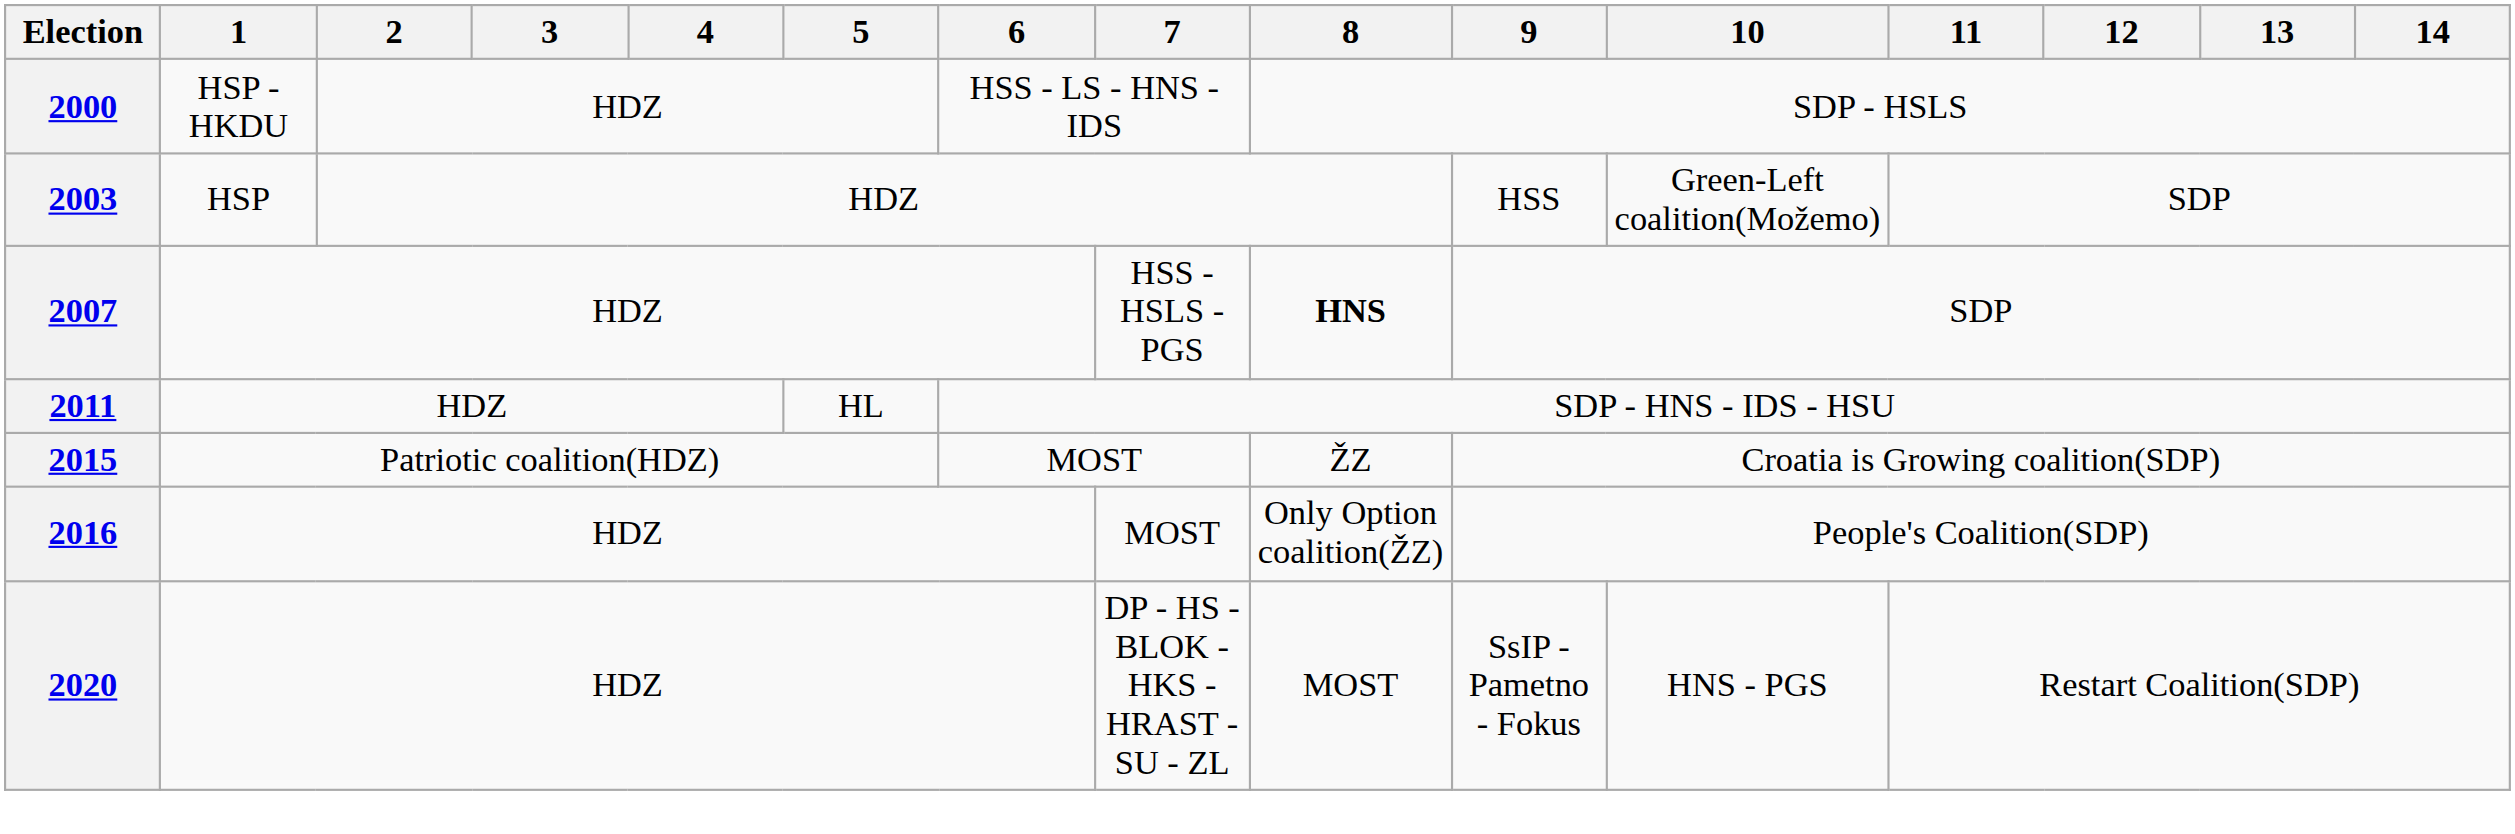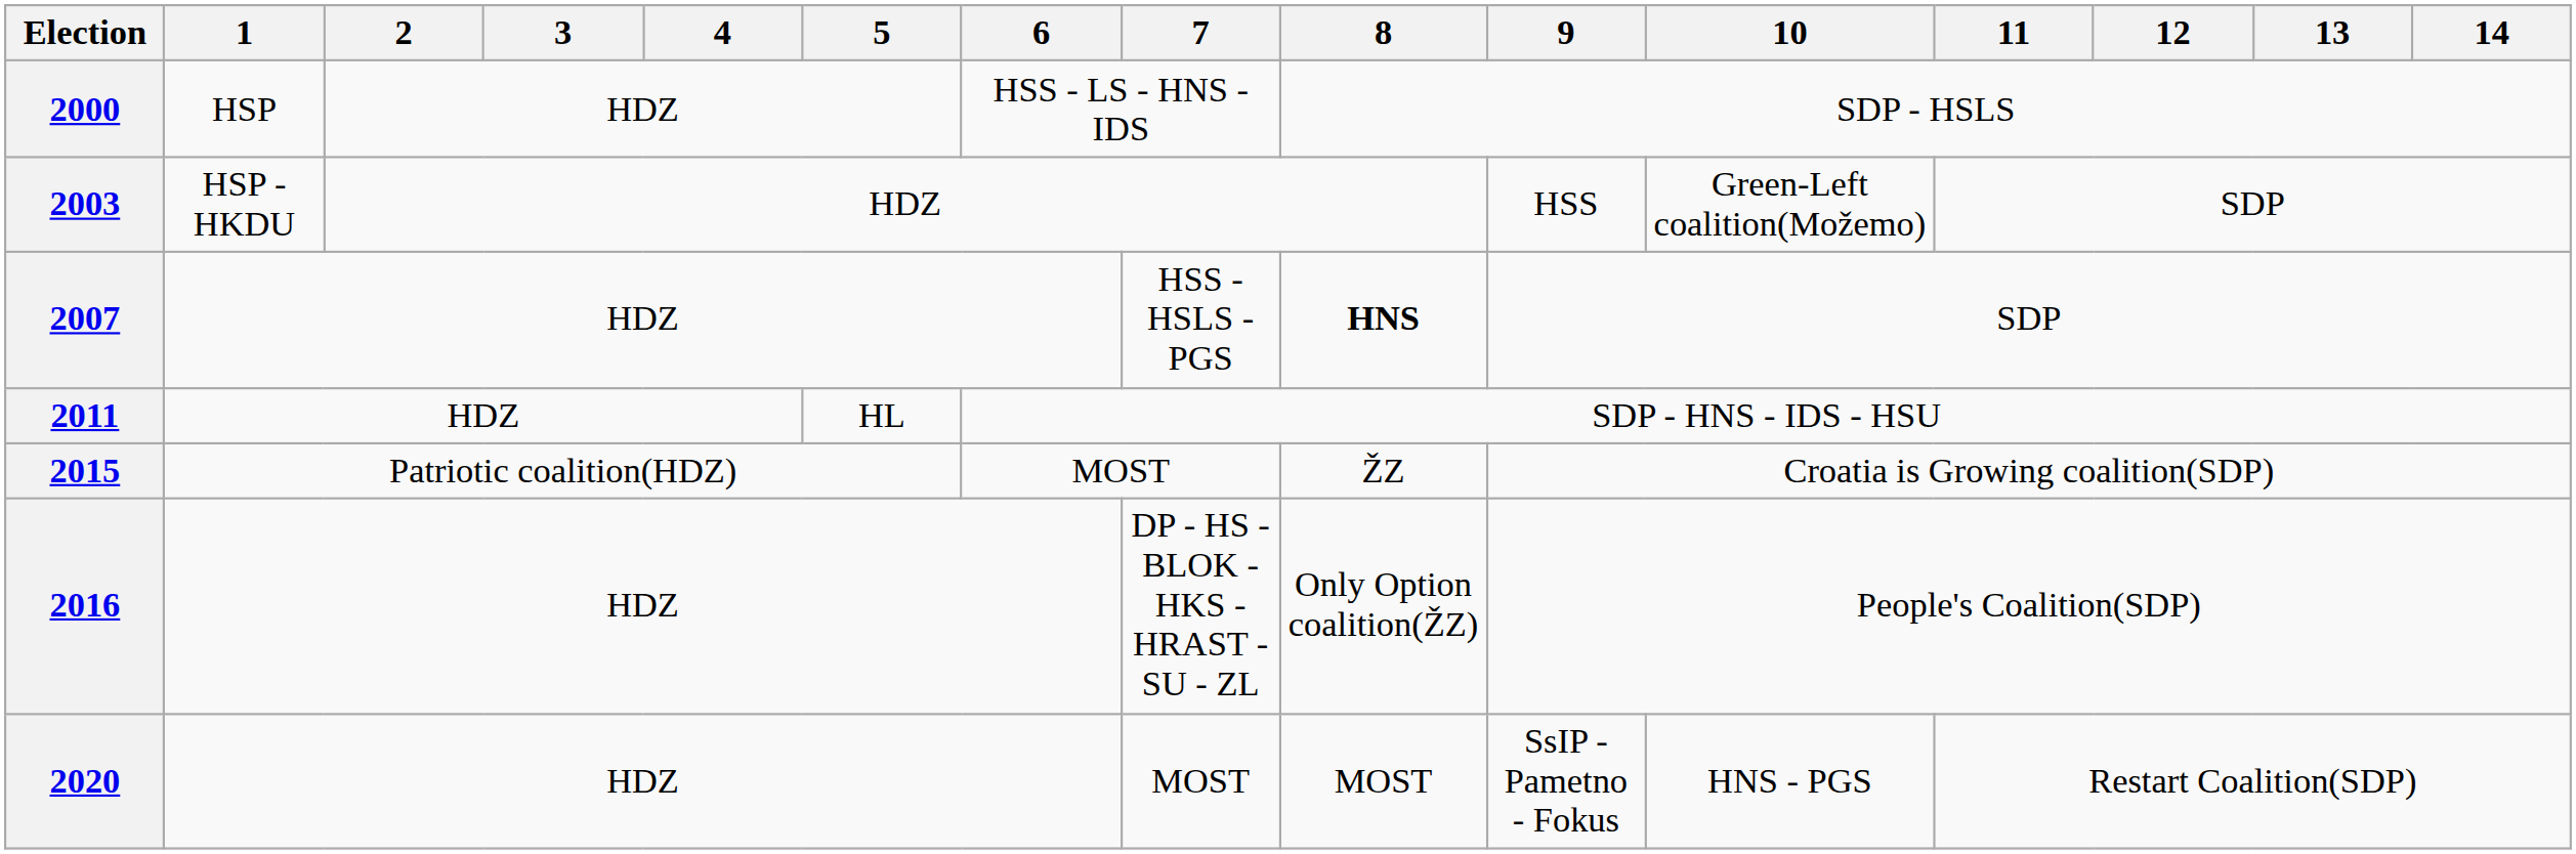 <table class=wikitable style="text-align: center;">
 <tr>
 <th style="width: 65px;">Election</th>
 <th style="width: 65px;">1</th>
 <th style="width: 65px;">2</th>
 <th style="width: 65px;">3</th>
 <th style="width: 65px;">4</th>
 <th style="width: 65px;">5</th>
 <th style="width: 65px;">6</th>
 <th style="width: 65px;">7</th>
 <th style="width: 65px;">8</th>
 <th style="width: 65px;">9</th>
 <th style="width: 65px;">10</th>
 <th style="width: 65px;">11</th>
 <th style="width: 65px;">12</th>
 <th style="width: 65px;">13</th>
 <th style="width: 65px;">14</th>
 </tr>
 <tr>
 <th><a href='#'>2000</a></th>
-<td style="background:">HSP - HKDU</td>
+<td style="background:">HSP</td>
 <td colspan=4 style="background:">HDZ</td>
 <td colspan=2 style="background:">HSS - LS - HNS - IDS</td>
 <td colspan=7 style="background:">SDP - HSLS</td>
 </tr>
 <tr>
 <th><a href='#'>2003</a></th>
-<td style="background:">HSP</td>
+<td style="background:">HSP - HKDU</td>
 <td colspan=7 style="background:">HDZ</td>
 <td style="background:">HSS</td>
 <td style="background:">Green-Left coalition(Možemo)</td>
 <td colspan=4 style="background:">SDP</td>
 </tr>
 <tr>
 <th><a href='#'>2007</a></th>
 <td colspan=6 style="background:">HDZ</td>
 <td style="background:">HSS - HSLS - PGS</td>
 <td style="background:"><strong>HNS</strong></td>
 <td colspan=6 style="background:">SDP</td>
 </tr>
 <tr>
 <th><a href='#'>2011</a></th>
 <td colspan=4 style="background:">HDZ</td>
 <td style="background:">HL</td>
 <td colspan=9 style="background:">SDP - HNS - IDS - HSU</td>
 </tr>
 <tr>
 <th><a href='#'>2015</a></th>
 <td colspan=5 style="background:">Patriotic coalition(HDZ)</td>
 <td colspan=2 style="background:">MOST</td>
 <td style="background:">ŽZ</td>
 <td colspan=6 style="background:">Croatia is Growing coalition(SDP)</td>
 </tr>
 <tr>
 <th><a href='#'>2016</a></th>
 <td colspan=6 style="background:">HDZ</td>
-<td style="background:">MOST</td>
+<td style="background:">DP - HS - BLOK - HKS - HRAST - SU - ZL</td>
 <td style="background:">Only Option coalition(ŽZ)</td>
 <td colspan=6 style="background:">People's Coalition(SDP)</td>
 </tr>
 <tr>
 <th><a href='#'>2020</a></th>
 <td colspan=6 style="background:">HDZ</td>
-<td style="background:">DP - HS - BLOK - HKS - HRAST - SU - ZL</td>
+<td style="background:">MOST</td>
 <td style="background:">MOST</td>
 <td style="background:">SsIP - Pametno - Fokus</td>
 <td style="background:">HNS - PGS</td>
 <td colspan=4 style="background:">Restart Coalition(SDP)</td>
 </tr>
 </table>
